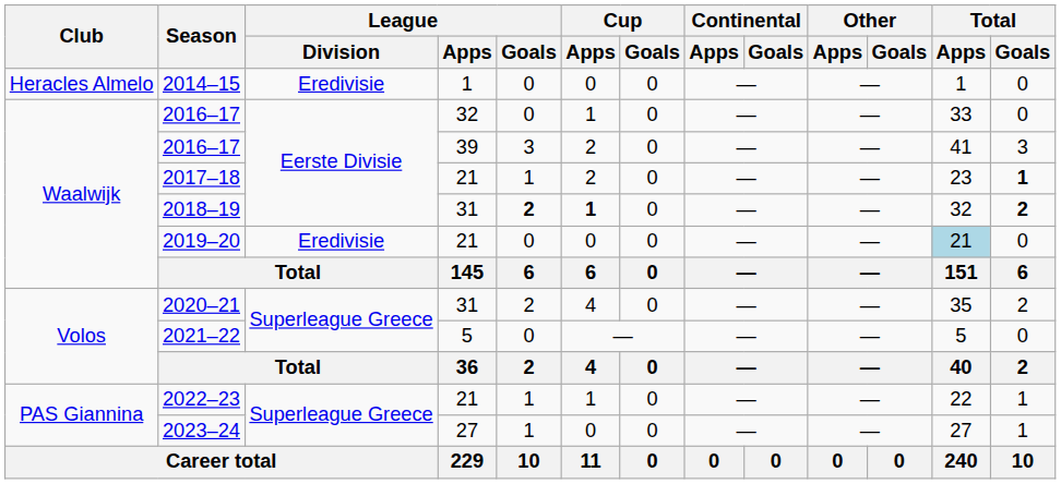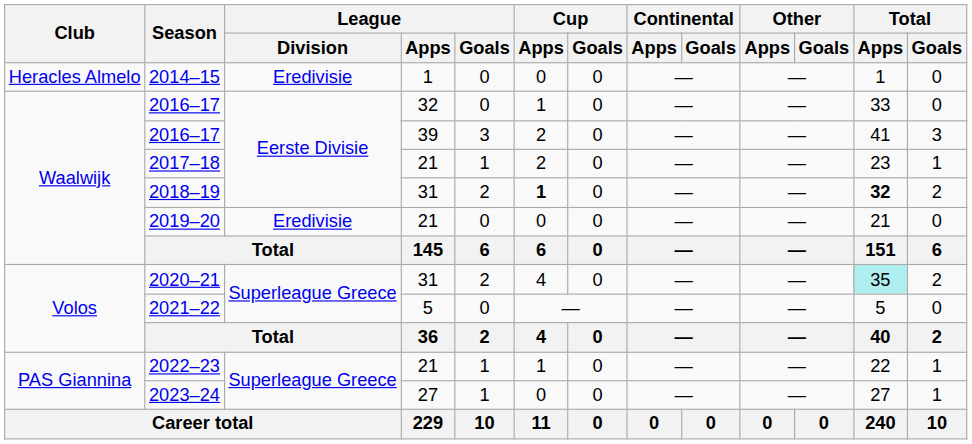 <table class="wikitable" style="text-align:center">
 <tr>
 <th rowspan=2>Club</th>
 <th rowspan=2>Season</th>
 <th colspan=3>League</th>
 <th colspan=2>Cup</th>
 <th colspan=2>Continental</th>
 <th colspan=2>Other</th>
 <th colspan=2>Total</th>
 </tr>
 <tr>
 <th>Division</th>
 <th>Apps</th>
 <th>Goals</th>
 <th>Apps</th>
 <th>Goals</th>
 <th>Apps</th>
 <th>Goals</th>
 <th>Apps</th>
 <th>Goals</th>
 <th>Apps</th>
 <th>Goals</th>
 </tr>
 <tr>
 <td><a href='#'>Heracles Almelo</a></td>
 <td><a href='#'>2014–15</a></td>
 <td><a href='#'>Eredivisie</a></td>
 <td>1</td>
 <td>0</td>
 <td>0</td>
 <td>0</td>
 <td colspan="2">—</td>
 <td colspan="2">—</td>
 <td>1</td>
 <td>0</td>
 </tr>
 <tr>
 <td rowspan="6"><a href='#'>Waalwijk</a></td>
 <td><a href='#'>2016–17</a></td>
 <td rowspan="4"><a href='#'>Eerste Divisie</a></td>
 <td>32</td>
 <td>0</td>
 <td>1</td>
 <td>0</td>
 <td colspan="2">—</td>
 <td colspan="2">—</td>
 <td>33</td>
 <td>0</td>
 </tr>
 <tr>
 <td><a href='#'>2016–17</a></td>
 <td>39</td>
 <td>3</td>
 <td>2</td>
 <td>0</td>
 <td colspan="2">—</td>
 <td colspan="2">—</td>
 <td>41</td>
 <td>3</td>
 </tr>
 <tr>
 <td><a href='#'>2017–18</a></td>
 <td>21</td>
 <td>1</td>
 <td>2</td>
 <td>0</td>
 <td colspan="2">—</td>
 <td colspan="2">—</td>
 <td>23</td>
-<td><strong>1</strong></td>
+<td>1</td>
 </tr>
 <tr>
 <td><a href='#'>2018–19</a></td>
 <td>31</td>
-<td><strong>2</strong></td>
+<td>2</td>
 <td><strong>1</strong></td>
 <td>0</td>
 <td colspan="2">—</td>
 <td colspan="2">—</td>
-<td>32</td>
-<td><strong>2</strong></td>
+<td><strong>32</strong></td>
+<td>2</td>
 </tr>
 <tr>
 <td><a href='#'>2019–20</a></td>
 <td><a href='#'>Eredivisie</a></td>
 <td>21</td>
 <td>0</td>
 <td>0</td>
 <td>0</td>
 <td colspan="2">—</td>
 <td colspan="2">—</td>
-<td style="background: lightblue;">21</td>
+<td>21</td>
 <td>0</td>
 </tr>
 <tr>
 <th colspan="2">Total</th>
 <th>145</th>
 <th>6</th>
 <th>6</th>
 <th>0</th>
 <th colspan="2">—</th>
 <th colspan="2">—</th>
 <th>151</th>
 <th>6</th>
 </tr>
 <tr>
 <td rowspan="3"><a href='#'>Volos</a></td>
 <td><a href='#'>2020–21</a></td>
 <td rowspan="2"><a href='#'>Superleague Greece</a></td>
 <td>31</td>
 <td>2</td>
 <td>4</td>
 <td>0</td>
 <td colspan="2">—</td>
 <td colspan="2">—</td>
-<td>35</td>
+<td style="background: paleturquoise;">35</td>
 <td>2</td>
 </tr>
 <tr>
 <td><a href='#'>2021–22</a></td>
 <td>5</td>
 <td>0</td>
 <td colspan="2">—</td>
 <td colspan="2">—</td>
 <td colspan="2">—</td>
 <td>5</td>
 <td>0</td>
 </tr>
 <tr>
 <th colspan="2">Total</th>
 <th>36</th>
 <th>2</th>
 <th>4</th>
 <th>0</th>
 <th colspan="2">—</th>
 <th colspan="2">—</th>
 <th>40</th>
 <th>2</th>
 </tr>
 <tr>
 <td rowspan="2"><a href='#'>PAS Giannina</a></td>
 <td><a href='#'>2022–23</a></td>
 <td rowspan="2"><a href='#'>Superleague Greece</a></td>
 <td>21</td>
 <td>1</td>
 <td>1</td>
 <td>0</td>
 <td colspan="2">—</td>
 <td colspan="2">—</td>
 <td>22</td>
 <td>1</td>
 </tr>
 <tr>
 <td><a href='#'>2023–24</a></td>
 <td>27</td>
 <td>1</td>
 <td>0</td>
 <td>0</td>
 <td colspan="2">—</td>
 <td colspan="2">—</td>
 <td>27</td>
 <td>1</td>
 </tr>
 <tr>
 <th colspan="3">Career total</th>
 <th>229</th>
 <th>10</th>
 <th>11</th>
 <th>0</th>
 <th>0</th>
 <th>0</th>
 <th>0</th>
 <th>0</th>
 <th>240</th>
 <th>10</th>
 </tr>
 </table>
